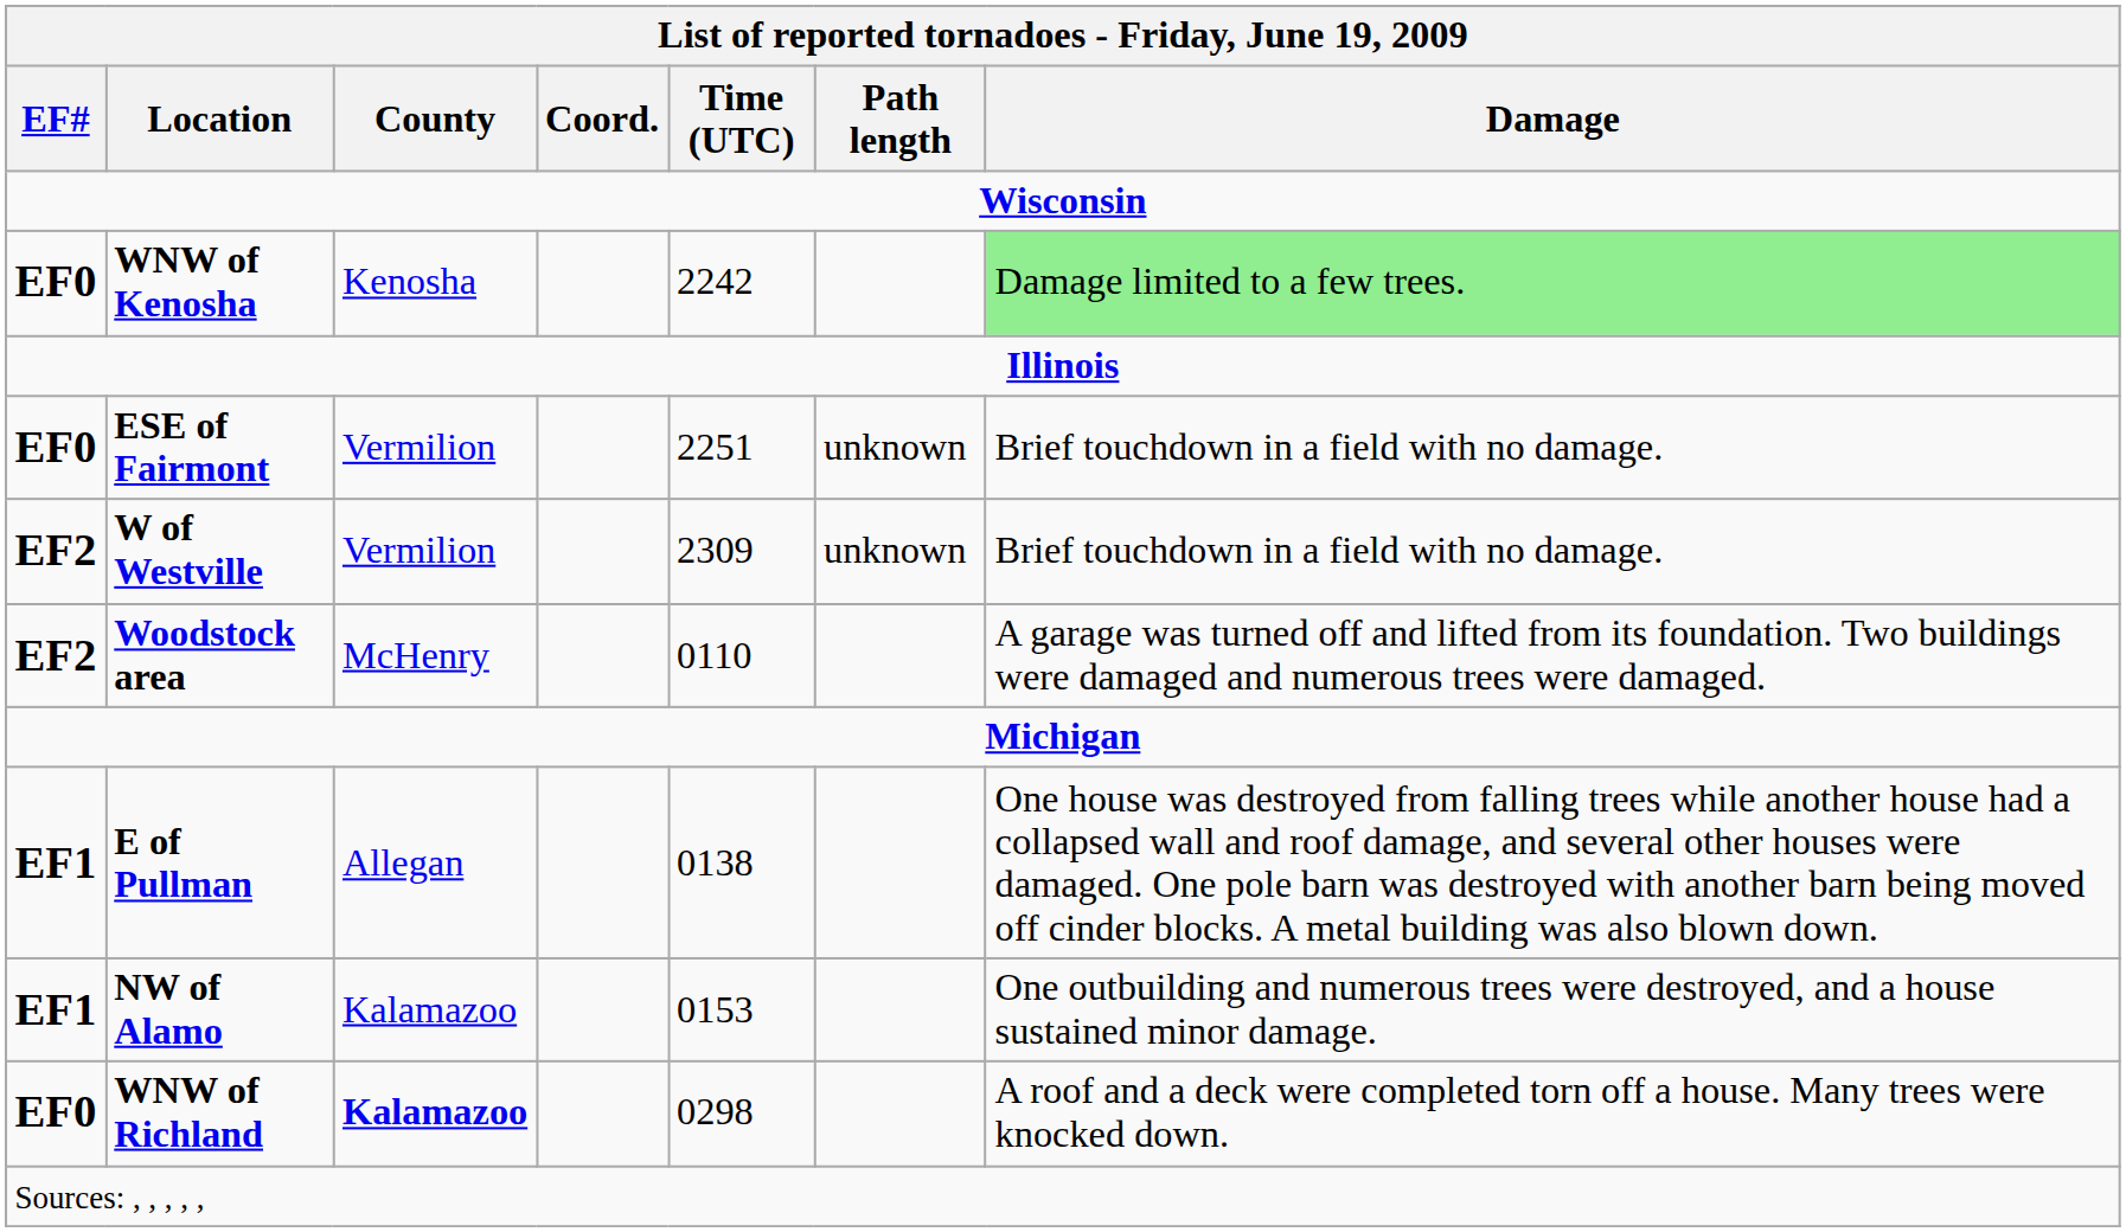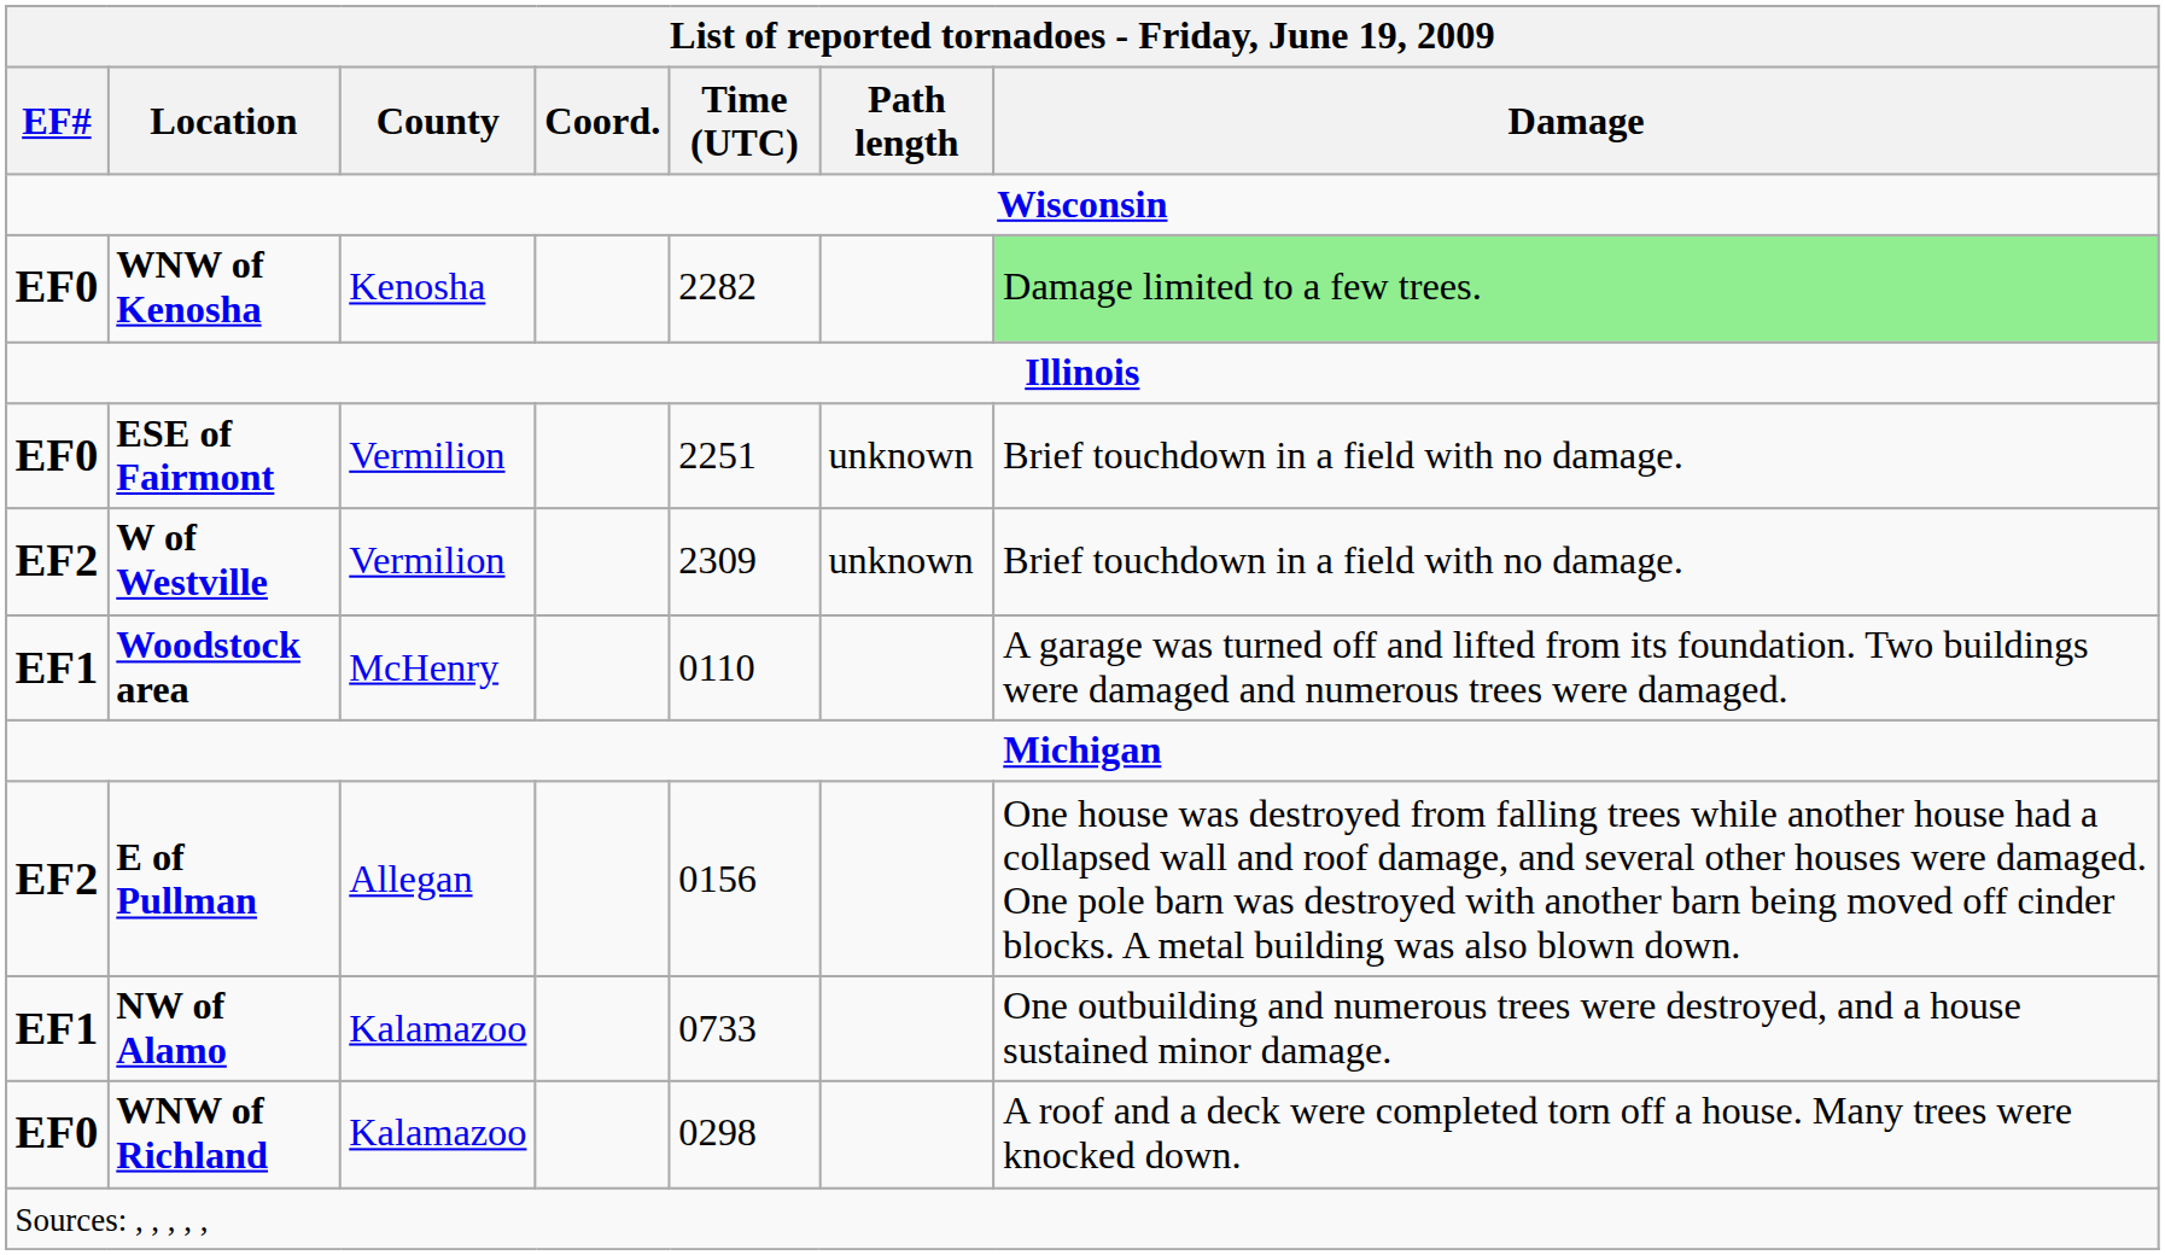 <table class="wikitable collapsible" width="100%">
 <tr>
 <th colspan="7">List of reported tornadoes - Friday, June 19, 2009</th>
 </tr>
 <tr>
 <th><a href='#'>EF#</a></th>
 <th>Location</th>
 <th>County</th>
 <th>Coord.</th>
 <th>Time (UTC)</th>
 <th>Path length</th>
 <th>Damage</th>
 </tr>
 <tr>
 <td colspan="7" align=center><strong><a href='#'>Wisconsin</a></strong></td>
 </tr>
 <tr>
 <td><big><strong>EF0</strong></big></td>
 <td><strong>WNW of <a href='#'>Kenosha</a></strong></td>
 <td><a href='#'>Kenosha</a></td>
 <td></td>
-<td>2242</td>
+<td>2282</td>
 <td></td>
 <td style="background: lightgreen;">Damage limited to a few trees.</td>
 </tr>
 <tr>
 <td colspan="7" align=center><strong><a href='#'>Illinois</a></strong></td>
 </tr>
 <tr>
 <td><big><strong>EF0</strong></big></td>
 <td><strong>ESE of <a href='#'>Fairmont</a></strong></td>
 <td><a href='#'>Vermilion</a></td>
 <td></td>
 <td>2251</td>
 <td>unknown</td>
 <td>Brief touchdown in a field with no damage.</td>
 </tr>
 <tr>
 <td><big><strong>EF2</strong></big></td>
 <td><strong>W of <a href='#'>Westville</a></strong></td>
 <td><a href='#'>Vermilion</a></td>
 <td></td>
 <td>2309</td>
 <td>unknown</td>
 <td>Brief touchdown in a field with no damage.</td>
 </tr>
 <tr>
-<td><big><strong>EF2</strong></big></td>
+<td><big><strong>EF1</strong></big></td>
 <td><strong><a href='#'>Woodstock</a> area</strong></td>
 <td><a href='#'>McHenry</a></td>
 <td></td>
 <td>0110</td>
 <td></td>
 <td>A garage was turned off and lifted from its foundation. Two buildings were damaged and numerous trees were damaged.</td>
 </tr>
 <tr>
 <td colspan="7" align=center><strong><a href='#'>Michigan</a></strong></td>
 </tr>
 <tr>
-<td><big><strong>EF1</strong></big></td>
+<td><big><strong>EF2</strong></big></td>
 <td><strong>E of <a href='#'>Pullman</a></strong></td>
 <td><a href='#'>Allegan</a></td>
 <td></td>
-<td>0138</td>
+<td>0156</td>
 <td></td>
 <td>One house was destroyed from falling trees while another house had a collapsed wall and roof damage, and several other houses were damaged. One pole barn was destroyed with another barn being moved off cinder blocks. A metal building was also blown down.</td>
 </tr>
 <tr>
 <td><big><strong>EF1</strong></big></td>
 <td><strong>NW of <a href='#'>Alamo</a></strong></td>
 <td><a href='#'>Kalamazoo</a></td>
 <td></td>
-<td>0153</td>
+<td>0733</td>
 <td></td>
 <td>One outbuilding and numerous trees were destroyed, and a house sustained minor damage.</td>
 </tr>
 <tr>
 <td><big><strong>EF0</strong></big></td>
 <td><strong>WNW of <a href='#'>Richland</a></strong></td>
-<td><strong><a href='#'>Kalamazoo</a></strong></td>
+<td><a href='#'>Kalamazoo</a></td>
 <td></td>
 <td>0298</td>
 <td></td>
 <td>A roof and a deck were completed torn off a house. Many trees were knocked down.</td>
 </tr>
 <tr>
 <td colspan="7"><small>Sources: , , , , , </small></td>
 </tr>
 </table>
